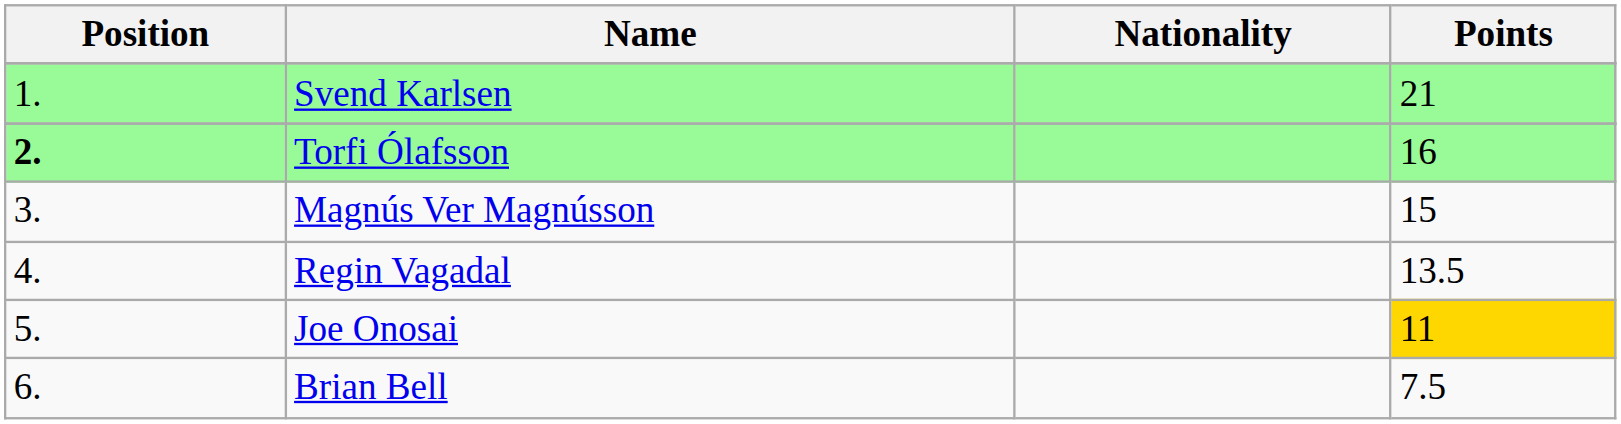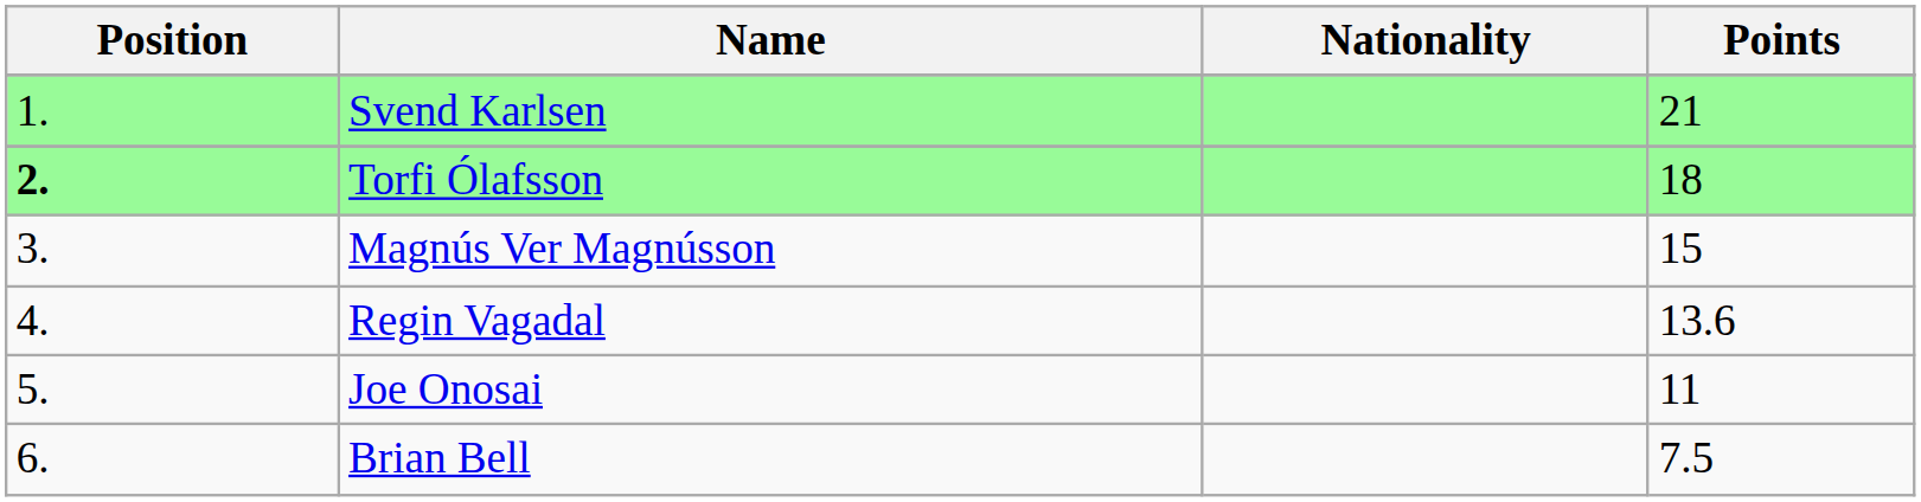 <table class="wikitable" style="display: inline-table; width: 55%;">
 <tr>
 <th>Position</th>
 <th>Name</th>
 <th>Nationality</th>
 <th>Points</th>
 </tr>
 <tr>
 </tr>
 <tr style="background:palegreen">
 <td>1.</td>
 <td><a href='#'>Svend Karlsen</a></td>
 <td></td>
 <td>21</td>
 </tr>
 <tr>
 </tr>
 <tr style="background:palegreen">
 <td><strong>2.</strong></td>
 <td><a href='#'>Torfi Ólafsson</a></td>
 <td></td>
-<td>16</td>
+<td>18</td>
 </tr>
 <tr>
 <td>3.</td>
 <td><a href='#'>Magnús Ver Magnússon</a></td>
 <td></td>
 <td>15</td>
 </tr>
 <tr>
 <td>4.</td>
 <td><a href='#'>Regin Vagadal</a></td>
 <td></td>
-<td>13.5</td>
+<td>13.6</td>
 </tr>
 <tr>
 <td>5.</td>
 <td><a href='#'>Joe Onosai</a></td>
 <td></td>
-<td style="background: gold;">11</td>
+<td>11</td>
 </tr>
 <tr>
 <td>6.</td>
 <td><a href='#'>Brian Bell</a></td>
 <td></td>
 <td>7.5</td>
 </tr>
 </table>
